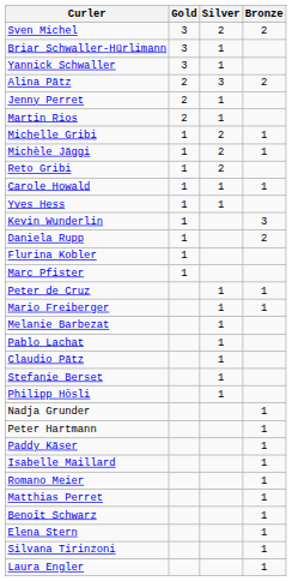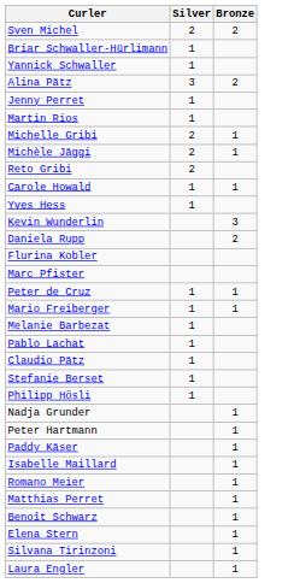 <table class="wikitable" style="text-align:center;">
 <tr>
 <th scope="col">Curler</th>
-<th scope="col">Gold</th>
 <th scope="col">Silver</th>
 <th scope="col">Bronze</th>
 </tr>
 <tr>
 <td align="left"><a href='#'>Sven Michel</a></td>
-<td>3</td>
 <td>2</td>
 <td>2</td>
 </tr>
 <tr>
 <td align="left"><a href='#'>Briar Schwaller-Hürlimann</a></td>
-<td>3</td>
 <td>1</td>
 <td></td>
 </tr>
 <tr>
 <td align="left"><a href='#'>Yannick Schwaller</a></td>
-<td>3</td>
 <td>1</td>
 <td></td>
 </tr>
 <tr>
 <td align="left"><a href='#'>Alina Pätz</a></td>
-<td>2</td>
 <td>3</td>
 <td>2</td>
 </tr>
 <tr>
 <td align="left"><a href='#'>Jenny Perret</a></td>
-<td>2</td>
 <td>1</td>
 <td></td>
 </tr>
 <tr>
 <td align="left"><a href='#'>Martin Rios</a></td>
-<td>2</td>
 <td>1</td>
 <td></td>
 </tr>
 <tr>
 <td align="left"><a href='#'>Michelle Gribi</a></td>
-<td>1</td>
 <td>2</td>
 <td>1</td>
 </tr>
 <tr>
 <td align="left"><a href='#'>Michèle Jäggi</a></td>
-<td>1</td>
 <td>2</td>
 <td>1</td>
 </tr>
 <tr>
 <td align="left"><a href='#'>Reto Gribi</a></td>
-<td>1</td>
 <td>2</td>
 <td></td>
 </tr>
 <tr>
 <td align="left"><a href='#'>Carole Howald</a></td>
 <td>1</td>
 <td>1</td>
-<td>1</td>
 </tr>
 <tr>
 <td align="left"><a href='#'>Yves Hess</a></td>
-<td>1</td>
 <td>1</td>
 <td></td>
 </tr>
 <tr>
 <td align="left"><a href='#'>Kevin Wunderlin</a></td>
-<td>1</td>
 <td></td>
 <td>3</td>
 </tr>
 <tr>
 <td align="left"><a href='#'>Daniela Rupp</a></td>
-<td>1</td>
 <td></td>
 <td>2</td>
 </tr>
 <tr>
 <td align="left"><a href='#'>Flurina Kobler</a></td>
-<td>1</td>
 <td></td>
 <td></td>
 </tr>
 <tr>
 <td align="left"><a href='#'>Marc Pfister</a></td>
-<td>1</td>
 <td></td>
 <td></td>
 </tr>
 <tr>
 <td align="left"><a href='#'>Peter de Cruz</a></td>
-<td></td>
 <td>1</td>
 <td>1</td>
 </tr>
 <tr>
 <td align="left"><a href='#'>Mario Freiberger</a></td>
-<td></td>
 <td>1</td>
 <td>1</td>
 </tr>
 <tr>
 <td align="left"><a href='#'>Melanie Barbezat</a></td>
-<td></td>
 <td>1</td>
 <td></td>
 </tr>
 <tr>
 <td align="left"><a href='#'>Pablo Lachat</a></td>
-<td></td>
 <td>1</td>
 <td></td>
 </tr>
 <tr>
 <td align="left"><a href='#'>Claudio Pätz</a></td>
-<td></td>
 <td>1</td>
 <td></td>
 </tr>
 <tr>
 <td align="left"><a href='#'>Stefanie Berset</a></td>
-<td></td>
 <td>1</td>
 <td></td>
 </tr>
 <tr>
 <td align="left"><a href='#'>Philipp Hösli</a></td>
-<td></td>
 <td>1</td>
 <td></td>
 </tr>
 <tr>
 <td align="left">Nadja Grunder</td>
 <td></td>
-<td></td>
 <td>1</td>
 </tr>
 <tr>
 <td align="left">Peter Hartmann</td>
-<td></td>
 <td></td>
 <td>1</td>
 </tr>
 <tr>
 <td align="left"><a href='#'>Paddy Käser</a></td>
 <td></td>
-<td></td>
 <td>1</td>
 </tr>
 <tr>
 <td align="left"><a href='#'>Isabelle Maillard</a></td>
-<td></td>
 <td></td>
 <td>1</td>
 </tr>
 <tr>
 <td align="left"><a href='#'>Romano Meier</a></td>
 <td></td>
-<td></td>
 <td>1</td>
 </tr>
 <tr>
 <td align="left"><a href='#'>Matthias Perret</a></td>
-<td></td>
 <td></td>
 <td>1</td>
 </tr>
 <tr>
 <td align="left"><a href='#'>Benoît Schwarz</a></td>
 <td></td>
-<td></td>
 <td>1</td>
 </tr>
 <tr>
 <td align="left"><a href='#'>Elena Stern</a></td>
-<td></td>
 <td></td>
 <td>1</td>
 </tr>
 <tr>
 <td align="left"><a href='#'>Silvana Tirinzoni</a></td>
 <td></td>
-<td></td>
 <td>1</td>
 </tr>
 <tr>
 <td align="left"><a href='#'>Laura Engler</a></td>
 <td></td>
-<td></td>
 <td>1<br></td>
 </tr>
 </table>
